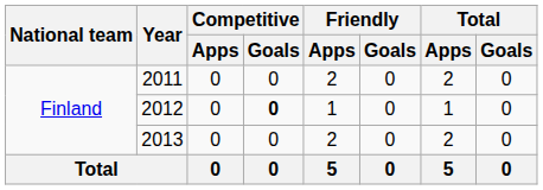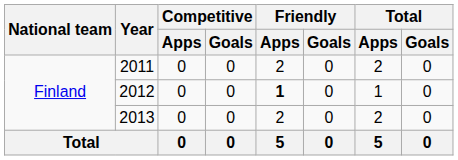 <table class="wikitable" style="text-align:center">
 <tr>
 <th rowspan="2">National team</th>
 <th rowspan="2">Year</th>
 <th colspan="2">Competitive</th>
 <th colspan="2">Friendly</th>
 <th colspan="2">Total</th>
 </tr>
 <tr>
 <th>Apps</th>
 <th>Goals</th>
 <th>Apps</th>
 <th>Goals</th>
 <th>Apps</th>
 <th>Goals</th>
 </tr>
 <tr>
 <td rowspan=3><a href='#'>Finland</a></td>
 <td>2011</td>
 <td>0</td>
 <td>0</td>
 <td>2</td>
 <td>0</td>
 <td>2</td>
 <td>0</td>
 </tr>
 <tr>
 <td>2012</td>
 <td>0</td>
-<td><strong>0</strong></td>
-<td>1</td>
+<td>0</td>
+<td><strong>1</strong></td>
 <td>0</td>
 <td>1</td>
 <td>0</td>
 </tr>
 <tr>
 <td>2013</td>
 <td>0</td>
 <td>0</td>
 <td>2</td>
 <td>0</td>
 <td>2</td>
 <td>0</td>
 </tr>
 <tr>
 <th colspan=2>Total</th>
 <th>0</th>
 <th>0</th>
 <th>5</th>
 <th>0</th>
 <th>5</th>
 <th>0</th>
 </tr>
 </table>
